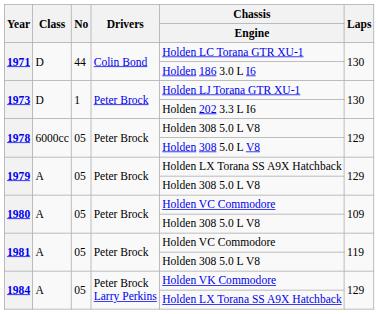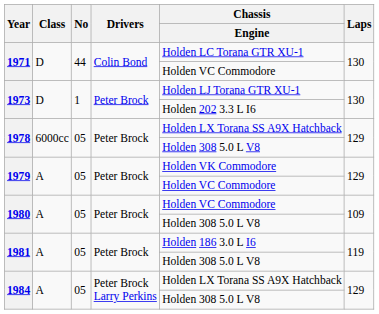 <table class="wikitable" style="font-size: 95%;">
 <tr>
 <th rowspan=2>Year</th>
 <th rowspan=2>Class</th>
 <th rowspan=2>No</th>
 <th rowspan=2>Drivers</th>
 <th>Chassis</th>
 <th rowspan=2>Laps</th>
 </tr>
 <tr>
 <th>Engine</th>
 </tr>
 <tr>
 <th rowspan=2><a href='#'>1971</a></th>
 <td rowspan=2>D</td>
 <td rowspan=2>44</td>
 <td rowspan=2> <a href='#'>Colin Bond</a></td>
 <td><a href='#'>Holden LC Torana GTR XU-1</a></td>
 <td rowspan=2>130</td>
 </tr>
 <tr>
-<td><a href='#'>Holden</a> <a href='#'>186</a> 3.0 L <a href='#'>I6</a></td>
+<td>Holden VC Commodore</td>
 </tr>
 <tr>
 <th rowspan=2><a href='#'>1973</a></th>
 <td rowspan=2>D</td>
 <td rowspan=2>1</td>
 <td rowspan=2> <a href='#'>Peter Brock</a></td>
 <td><a href='#'>Holden LJ Torana GTR XU-1</a></td>
 <td rowspan=2>130</td>
 </tr>
 <tr>
 <td>Holden <a href='#'>202</a> 3.3 L I6</td>
 </tr>
 <tr>
 <th rowspan=2><a href='#'>1978</a></th>
 <td rowspan=2>6000cc</td>
 <td rowspan=2>05</td>
 <td rowspan=2> Peter Brock</td>
-<td>Holden 308 5.0 L V8</td>
+<td><a href='#'>Holden LX Torana SS A9X Hatchback</a></td>
 <td rowspan=2>129</td>
 </tr>
 <tr>
 <td><a href='#'>Holden</a> <a href='#'>308</a> 5.0 L <a href='#'>V8</a></td>
 </tr>
 <tr>
 <th rowspan=2><a href='#'>1979</a></th>
 <td rowspan=2>A</td>
 <td rowspan=2>05</td>
 <td rowspan=2> Peter Brock</td>
-<td>Holden LX Torana SS A9X Hatchback</td>
+<td><a href='#'>Holden VK Commodore</a></td>
 <td rowspan=2>129</td>
 </tr>
 <tr>
-<td>Holden 308 5.0 L V8</td>
+<td><a href='#'>Holden VC Commodore</a></td>
 </tr>
 <tr>
 <th rowspan=2><a href='#'>1980</a></th>
 <td rowspan=2>A</td>
 <td rowspan=2>05</td>
 <td rowspan=2> Peter Brock</td>
 <td><a href='#'>Holden VC Commodore</a></td>
 <td rowspan=2>109</td>
 </tr>
 <tr>
 <td>Holden 308 5.0 L V8</td>
 </tr>
 <tr>
 <th rowspan=2><a href='#'>1981</a></th>
 <td rowspan=2>A</td>
 <td rowspan=2>05</td>
 <td rowspan=2> Peter Brock</td>
-<td>Holden VC Commodore</td>
+<td><a href='#'>Holden</a> <a href='#'>186</a> 3.0 L <a href='#'>I6</a></td>
 <td rowspan=2>119</td>
 </tr>
 <tr>
 <td>Holden 308 5.0 L V8</td>
 </tr>
 <tr>
 <th rowspan=2><a href='#'>1984</a></th>
 <td rowspan=2>A</td>
 <td rowspan=2>05</td>
 <td rowspan=2> Peter Brock<br> <a href='#'>Larry Perkins</a></td>
-<td><a href='#'>Holden VK Commodore</a></td>
+<td>Holden LX Torana SS A9X Hatchback</td>
 <td rowspan=2>129</td>
 </tr>
 <tr>
-<td><a href='#'>Holden LX Torana SS A9X Hatchback</a></td>
+<td>Holden 308 5.0 L V8</td>
 </tr>
 </table>
